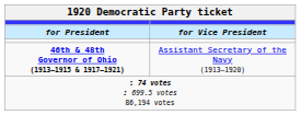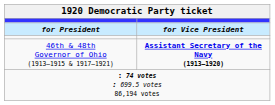 <table class="wikitable" style="font-size:90%; text-align:center;">
 <tr>
 <td colspan="30" style="background:#f1f1f1;"><big><strong>1920 Democratic Party ticket </strong></big></td>
 </tr>
 <tr>
 <th style="width:3em; font-size:135%; background:#3333FF; width:200px;"><a href='#'></a></th>
 <th style="width:3em; font-size:135%; background:#3333FF; width:200px;"><a href='#'></a></th>
 </tr>
 <tr>
 <td style="width:3em; font-size:100%; color:#000; background:#C8EBFF; width:200px;"><strong><em>for President</em></strong></td>
 <td style="width:3em; font-size:100%; color:#000; background:#C8EBFF; width:200px;"><strong><em>for Vice President</em></strong></td>
 </tr>
 <tr>
 <td></td>
 <td></td>
 </tr>
 <tr>
-<td><strong><a href='#'>46th & 48th</a><br><a href='#'>Governor of Ohio</a><br><small>(1913–1915 & 1917–1921)</small></strong></td>
-<td><a href='#'>Assistant Secretary of the Navy</a><br><small>(1913–1920)</small></td>
+<td><a href='#'>46th & 48th</a><br><a href='#'>Governor of Ohio</a><br><small>(1913–1915 & 1917–1921)</small></td>
+<td><strong><a href='#'>Assistant Secretary of the Navy</a><br><small>(1913–1920)</small></strong></td>
 </tr>
 <tr>
 <td colspan="2"><strong>:<strong><em><small> 74 votes</small><em><br></strong>:</em></strong><small> 699.5 votes</small></em><br><small>86,194 votes</small></td>
 </tr>
 </table>
